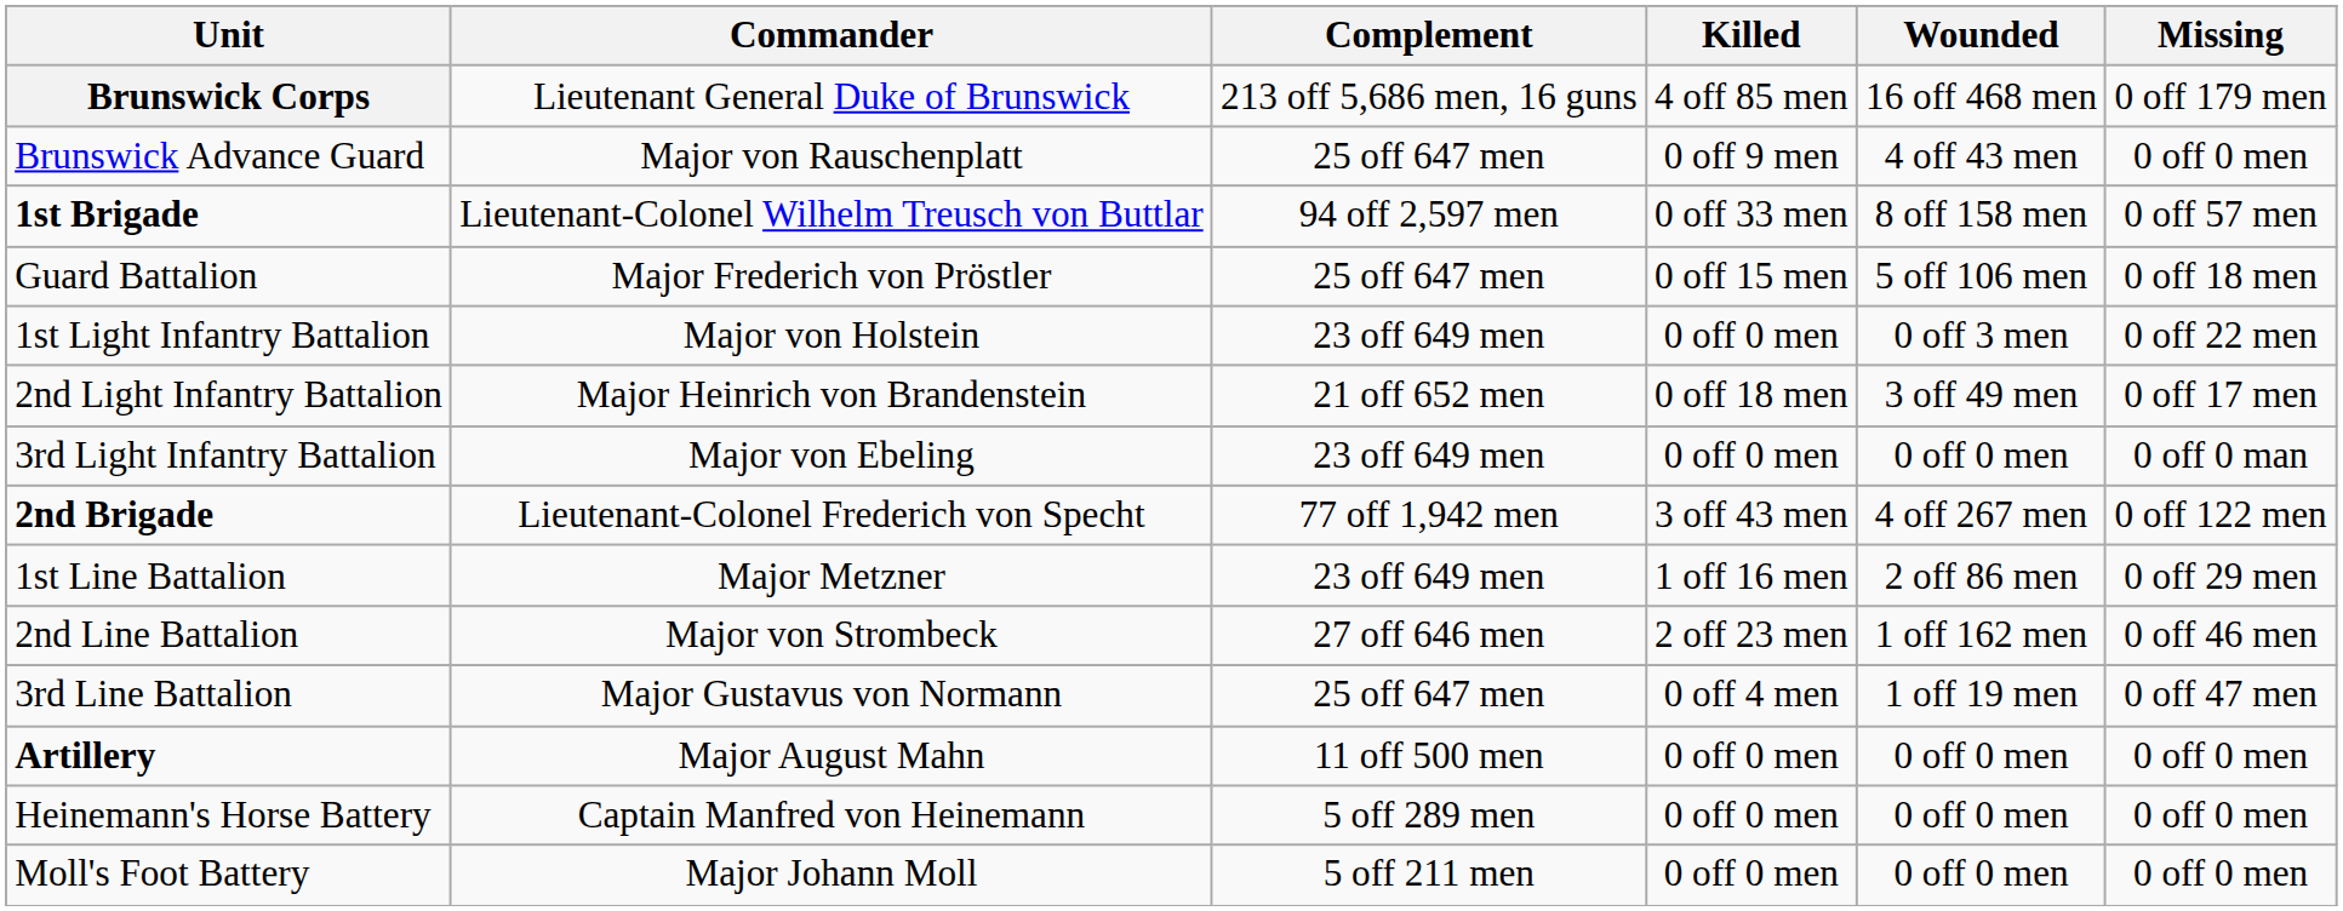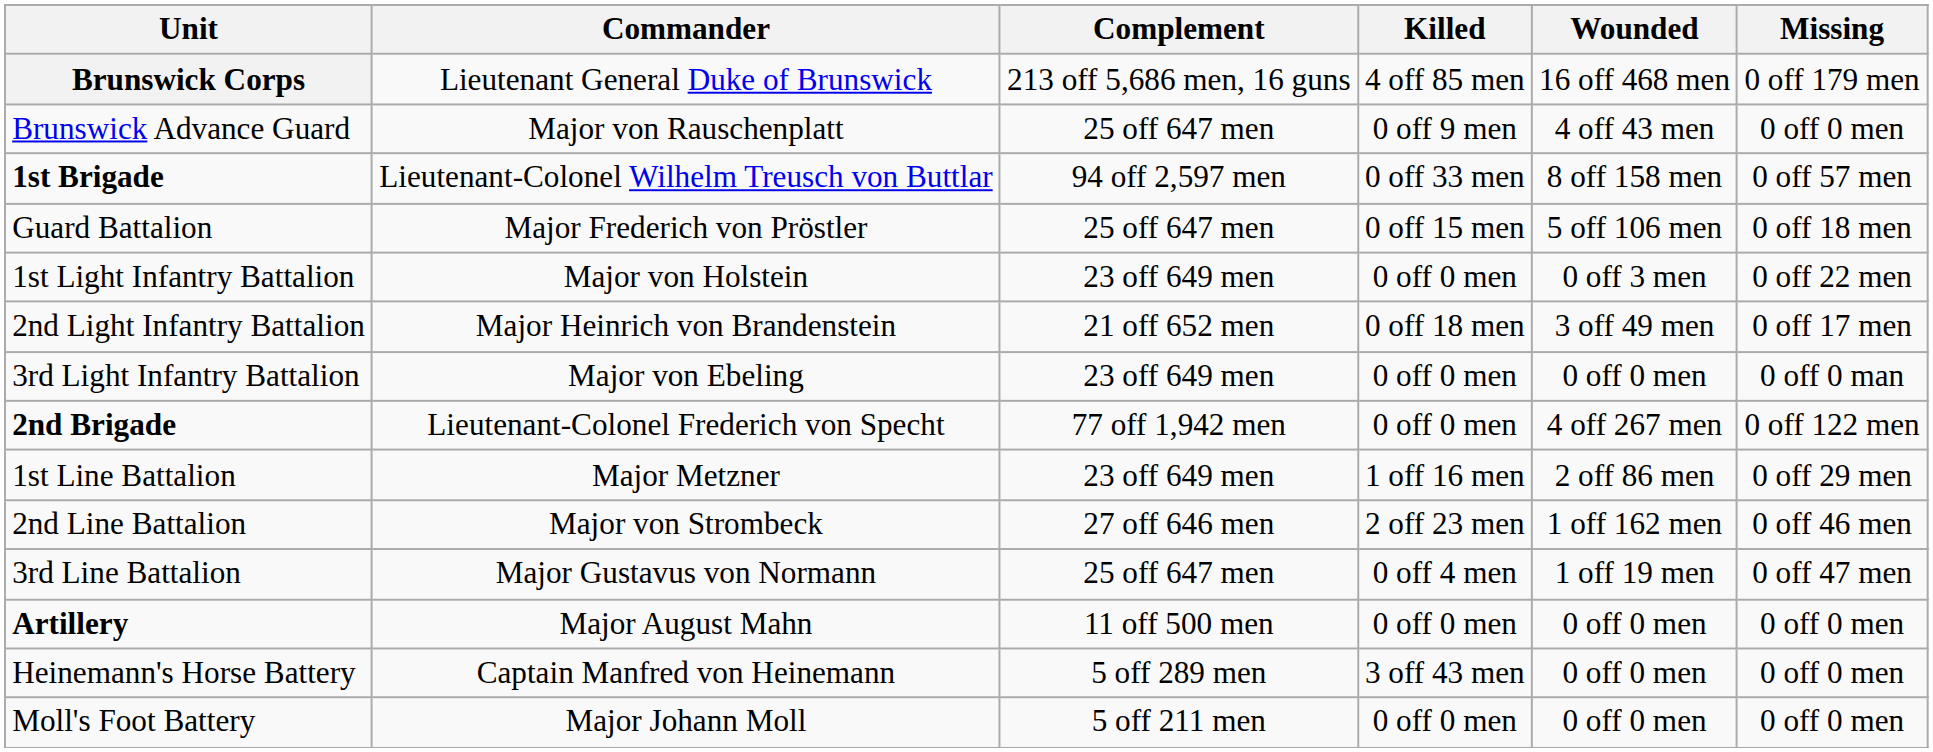 <table class="wikitable">
 <tr>
 <th>Unit</th>
 <th>Commander</th>
 <th>Complement</th>
 <th>Killed</th>
 <th>Wounded</th>
 <th>Missing</th>
 </tr>
 <tr>
 <th colspan="1" bgcolor="#f9f9f9;">Brunswick Corps</th>
 <td align="center">Lieutenant General <a href='#'>Duke of Brunswick</a></td>
 <td align="center">213 off 5,686 men, 16 guns</td>
 <td align="center">4 off 85 men</td>
 <td align="center">16 off 468 men</td>
 <td align="center">0 off 179 men</td>
 </tr>
 <tr>
 <td><a href='#'>Brunswick</a> Advance Guard</td>
 <td align="center">Major von Rauschenplatt</td>
 <td align="center">25 off 647 men</td>
 <td align="center">0 off 9 men</td>
 <td align="center">4 off 43 men</td>
 <td align="center">0 off 0 men</td>
 </tr>
 <tr>
 <td><strong>1st Brigade</strong></td>
 <td align="center">Lieutenant-Colonel <a href='#'>Wilhelm Treusch von Buttlar</a></td>
 <td align="center">94 off 2,597 men</td>
 <td align="center">0 off 33 men</td>
 <td align="center">8 off 158 men</td>
 <td align="center">0 off 57 men</td>
 </tr>
 <tr>
 <td>Guard Battalion</td>
 <td align="center">Major Frederich von Pröstler</td>
 <td align="center">25 off 647 men</td>
 <td align="center">0 off 15 men</td>
 <td align="center">5 off 106 men</td>
 <td align="center">0 off 18 men</td>
 </tr>
 <tr>
 <td>1st Light Infantry Battalion</td>
 <td align="center">Major von Holstein</td>
 <td align="center">23 off 649 men</td>
 <td align="center">0 off 0 men</td>
 <td align="center">0 off 3 men</td>
 <td align="center">0 off 22 men</td>
 </tr>
 <tr>
 <td>2nd Light Infantry Battalion</td>
 <td align="center">Major Heinrich von Brandenstein</td>
 <td align="center">21 off 652 men</td>
 <td align="center">0 off 18 men</td>
 <td align="center">3 off 49 men</td>
 <td align="center">0 off 17 men</td>
 </tr>
 <tr>
 <td>3rd Light Infantry Battalion</td>
 <td align="center">Major von Ebeling</td>
 <td align="center">23 off 649 men</td>
 <td align="center">0 off 0 men</td>
 <td align="center">0 off 0 men</td>
 <td align="center">0 off 0 man</td>
 </tr>
 <tr>
 <td><strong>2nd Brigade</strong></td>
 <td align="center">Lieutenant-Colonel Frederich von Specht</td>
 <td align="center">77 off 1,942 men</td>
-<td align="center">3 off 43 men</td>
+<td align="center">0 off 0 men</td>
 <td align="center">4 off 267 men</td>
 <td align="center">0 off 122 men</td>
 </tr>
 <tr>
 <td>1st Line Battalion</td>
 <td align="center">Major Metzner</td>
 <td align="center">23 off 649 men</td>
 <td align="center">1 off 16 men</td>
 <td align="center">2 off 86 men</td>
 <td align="center">0 off 29 men</td>
 </tr>
 <tr>
 <td>2nd Line Battalion</td>
 <td align="center">Major von Strombeck</td>
 <td align="center">27 off 646 men</td>
 <td align="center">2 off 23 men</td>
 <td align="center">1 off 162 men</td>
 <td align="center">0 off 46 men</td>
 </tr>
 <tr>
 <td>3rd Line Battalion</td>
 <td align="center">Major Gustavus von Normann</td>
 <td align="center">25 off 647 men</td>
 <td align="center">0 off 4 men</td>
 <td align="center">1 off 19 men</td>
 <td align="center">0 off 47 men</td>
 </tr>
 <tr>
 <td><strong>Artillery</strong></td>
 <td align="center">Major August Mahn</td>
 <td align="center">11 off 500 men</td>
 <td align="center">0 off 0 men</td>
 <td align="center">0 off 0 men</td>
 <td align="center">0 off 0 men</td>
 </tr>
 <tr>
 <td>Heinemann's Horse Battery</td>
 <td align="center">Captain Manfred von Heinemann</td>
 <td align="center">5 off 289 men</td>
-<td align="center">0 off 0 men</td>
+<td align="center">3 off 43 men</td>
 <td align="center">0 off 0 men</td>
 <td align="center">0 off 0 men</td>
 </tr>
 <tr>
 <td>Moll's Foot Battery</td>
 <td align="center">Major Johann Moll</td>
 <td align="center">5 off 211 men</td>
 <td align="center">0 off 0 men</td>
 <td align="center">0 off 0 men</td>
 <td align="center">0 off 0 men</td>
 </tr>
 </table>
